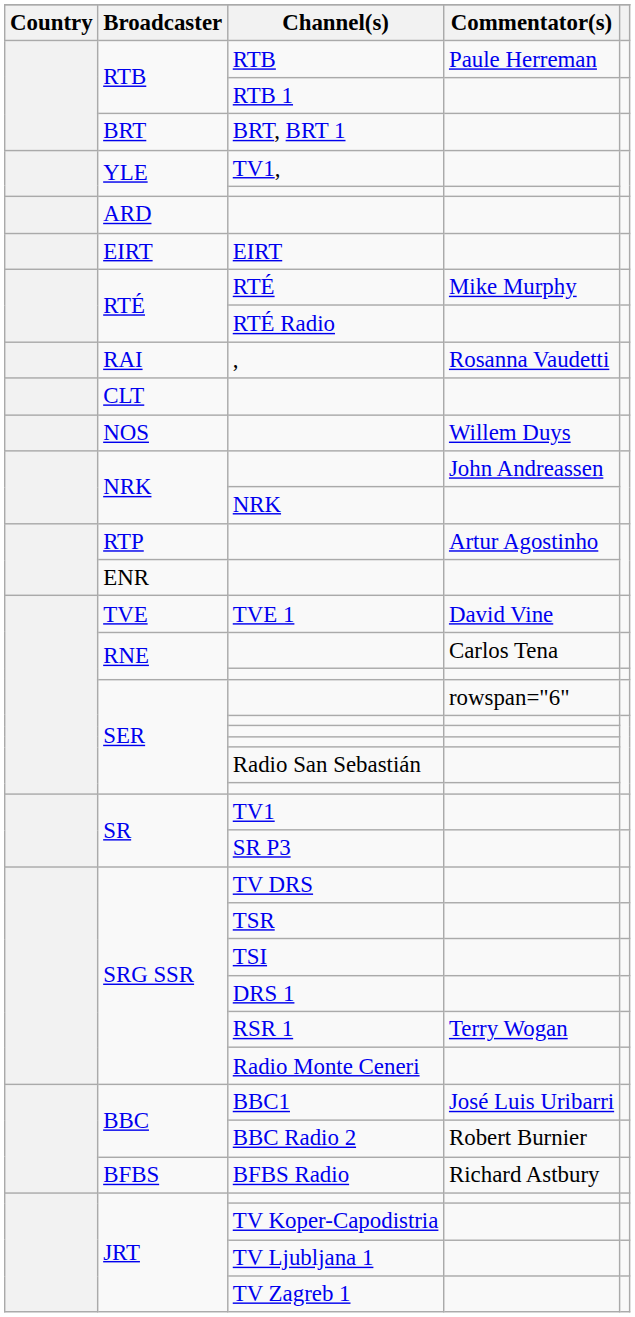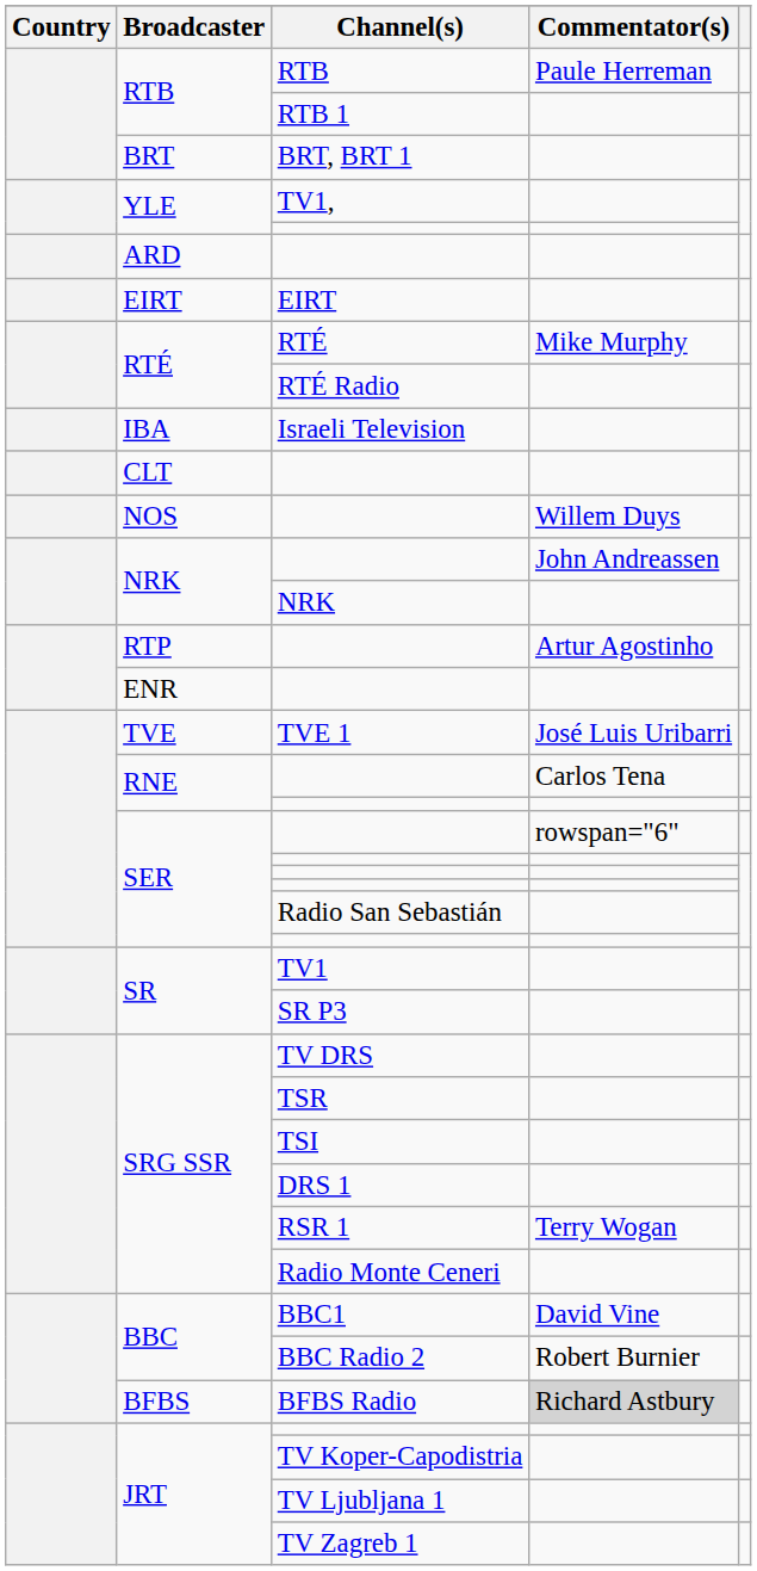 <table class="wikitable plainrowheaders sticky-header">
 <tr>
 </tr>
 <tr>
 <th scope="col">Country</th>
 <th scope="col">Broadcaster</th>
 <th scope="col">Channel(s)</th>
 <th scope="col">Commentator(s)</th>
 <th scope="col"></th>
 </tr>
 <tr>
 <th scope="rowgroup" rowspan="3"></th>
 <td rowspan="2"><a href='#'>RTB</a></td>
 <td><a href='#'>RTB</a></td>
 <td><a href='#'>Paule Herreman</a></td>
 <td style="text-align:center"></td>
 </tr>
 <tr>
 <td><a href='#'>RTB 1</a></td>
 <td></td>
 <td style="text-align:center"></td>
 </tr>
 <tr>
 <td><a href='#'>BRT</a></td>
 <td><a href='#'>BRT</a>, <a href='#'>BRT 1</a></td>
 <td></td>
 <td style="text-align:center"></td>
 </tr>
 <tr>
 <th scope="rowgroup" rowspan="2"></th>
 <td rowspan="2"><a href='#'>YLE</a></td>
 <td><a href='#'>TV1</a>, </td>
 <td></td>
 <td rowspan="2" style="text-align:center"></td>
 </tr>
 <tr>
 <td></td>
 <td></td>
 </tr>
 <tr>
 <th scope="row"></th>
 <td><a href='#'>ARD</a></td>
 <td></td>
 <td></td>
 <td style="text-align:center"></td>
 </tr>
 <tr>
 <th scope="row"></th>
 <td><a href='#'>EIRT</a></td>
 <td><a href='#'>EIRT</a></td>
 <td></td>
 <td style="text-align:center"></td>
 </tr>
 <tr>
 <th scope="rowgroup" rowspan="2"></th>
 <td rowspan="2"><a href='#'>RTÉ</a></td>
 <td><a href='#'>RTÉ</a></td>
 <td><a href='#'>Mike Murphy</a></td>
 <td style="text-align:center"></td>
 </tr>
 <tr>
 <td><a href='#'>RTÉ Radio</a></td>
 <td></td>
 <td style="text-align:center"></td>
 </tr>
 <tr>
 <th scope="row"></th>
-<td><a href='#'>RAI</a></td>
-<td>, </td>
-<td><a href='#'>Rosanna Vaudetti</a></td>
+<td><a href='#'>IBA</a></td>
+<td><a href='#'>Israeli Television</a></td>
+<td></td>
 <td style="text-align:center"></td>
 </tr>
 <tr>
 <th scope="row"></th>
 <td><a href='#'>CLT</a></td>
 <td></td>
 <td></td>
 <td style="text-align:center"></td>
 </tr>
 <tr>
 <th scope="row"></th>
 <td><a href='#'>NOS</a></td>
 <td></td>
 <td><a href='#'>Willem Duys</a></td>
 <td style="text-align:center"></td>
 </tr>
 <tr>
 <th scope="rowgroup" rowspan="2"></th>
 <td rowspan="2"><a href='#'>NRK</a></td>
 <td></td>
 <td><a href='#'>John Andreassen</a></td>
 <td rowspan="2" style="text-align:center"></td>
 </tr>
 <tr>
 <td><a href='#'>NRK</a></td>
 <td></td>
 </tr>
 <tr>
 <th scope="row" rowspan="2"></th>
 <td><a href='#'>RTP</a></td>
 <td></td>
 <td><a href='#'>Artur Agostinho</a></td>
 <td rowspan="2" style="text-align:center"></td>
 </tr>
 <tr>
 <td>ENR</td>
 <td></td>
 <td></td>
 </tr>
 <tr>
 <th scope="rowgroup" rowspan="9"></th>
 <td><a href='#'>TVE</a></td>
 <td><a href='#'>TVE 1</a></td>
-<td><a href='#'>David Vine</a></td>
+<td><a href='#'>José Luis Uribarri</a></td>
 <td style="text-align:center"></td>
 </tr>
 <tr>
 <td rowspan="2"><a href='#'>RNE</a></td>
 <td></td>
 <td>Carlos Tena</td>
 <td style="text-align:center"></td>
 </tr>
 <tr>
 <td></td>
 <td></td>
 <td style="text-align:center"></td>
 </tr>
 <tr>
 <td rowspan="6"><a href='#'>SER</a></td>
 <td></td>
 <td>rowspan="6" </td>
 <td style="text-align:center"></td>
 </tr>
 <tr>
 <td></td>
 <td style="text-align:center"></td>
 </tr>
 <tr>
 <td></td>
 <td style="text-align:center"></td>
 </tr>
 <tr>
 <td></td>
 <td style="text-align:center"></td>
 </tr>
 <tr>
 <td>Radio San Sebastián</td>
 <td style="text-align:center"></td>
 </tr>
 <tr>
 <td></td>
 <td style="text-align:center"></td>
 </tr>
 <tr>
 <th scope="rowgroup" rowspan="2"></th>
 <td rowspan="2"><a href='#'>SR</a></td>
 <td><a href='#'>TV1</a></td>
 <td></td>
 <td style="text-align:center"></td>
 </tr>
 <tr>
 <td><a href='#'>SR P3</a></td>
 <td></td>
 <td style="text-align:center"></td>
 </tr>
 <tr>
 <th scope="rowgroup" rowspan="6"></th>
 <td rowspan="6"><a href='#'>SRG SSR</a></td>
 <td><a href='#'>TV DRS</a></td>
 <td></td>
 <td style="text-align:center"></td>
 </tr>
 <tr>
 <td><a href='#'>TSR</a></td>
 <td></td>
 <td style="text-align:center"></td>
 </tr>
 <tr>
 <td><a href='#'>TSI</a></td>
 <td></td>
 <td style="text-align:center"></td>
 </tr>
 <tr>
 <td><a href='#'>DRS 1</a></td>
 <td></td>
 <td style="text-align:center"></td>
 </tr>
 <tr>
 <td><a href='#'>RSR 1</a></td>
 <td><a href='#'>Terry Wogan</a></td>
 <td style="text-align:center"></td>
 </tr>
 <tr>
 <td><a href='#'>Radio Monte Ceneri</a></td>
 <td></td>
 <td style="text-align:center"></td>
 </tr>
 <tr>
 <th scope="rowgroup" rowspan="3"></th>
 <td rowspan="2"><a href='#'>BBC</a></td>
 <td><a href='#'>BBC1</a></td>
-<td><a href='#'>José Luis Uribarri</a></td>
+<td><a href='#'>David Vine</a></td>
 <td style="text-align:center"></td>
 </tr>
 <tr>
 <td><a href='#'>BBC Radio 2</a></td>
 <td>Robert Burnier</td>
 <td style="text-align:center"></td>
 </tr>
 <tr>
 <td><a href='#'>BFBS</a></td>
 <td><a href='#'>BFBS Radio</a></td>
-<td>Richard Astbury</td>
+<td style="background: lightgrey;">Richard Astbury</td>
 <td style="text-align:center"></td>
 </tr>
 <tr>
 <th scope="rowgroup" rowspan="4"></th>
 <td rowspan="4"><a href='#'>JRT</a></td>
 <td></td>
 <td></td>
 <td style="text-align:center"></td>
 </tr>
 <tr>
 <td><a href='#'>TV Koper-Capodistria</a></td>
 <td></td>
 <td style="text-align:center"></td>
 </tr>
 <tr>
 <td><a href='#'>TV Ljubljana 1</a></td>
 <td></td>
 <td style="text-align:center"></td>
 </tr>
 <tr>
 <td><a href='#'>TV Zagreb 1</a></td>
 <td></td>
 <td style="text-align:center"></td>
 </tr>
 </table>
